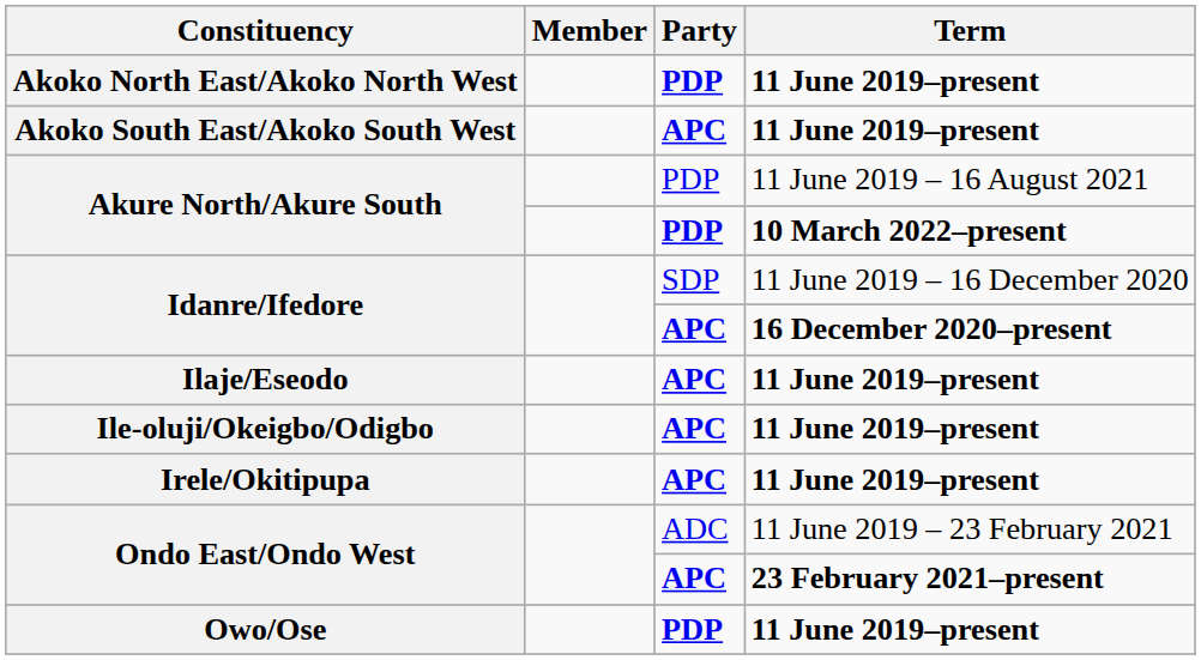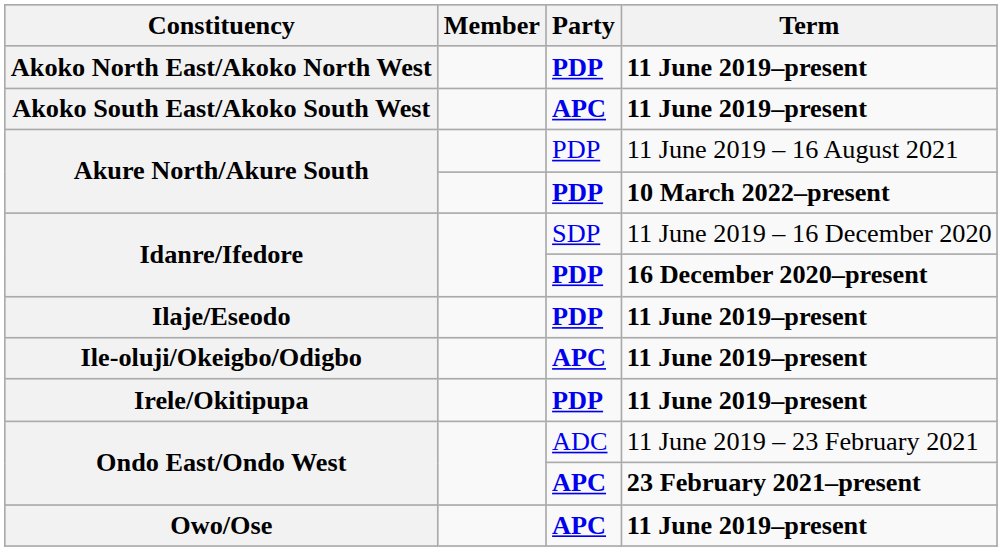 <table class="wikitable">
 <tr valign=bottom>
 <th>Constituency</th>
 <th>Member</th>
 <th>Party</th>
 <th>Term</th>
 </tr>
 <tr>
 <th>Akoko North East/Akoko North West</th>
 <td><strong></strong></td>
 <td><strong><a href='#'>PDP</a></strong></td>
 <td><strong>11 June 2019–present</strong></td>
 </tr>
 <tr>
 <th>Akoko South East/Akoko South West</th>
 <td><strong></strong></td>
 <td><strong><a href='#'>APC</a></strong></td>
 <td><strong>11 June 2019–present</strong></td>
 </tr>
 <tr>
 <th rowspan=2>Akure North/Akure South</th>
 <td style="opacity:.4;"></td>
 <td><a href='#'>PDP</a></td>
 <td>11 June 2019 – 16 August 2021</td>
 </tr>
 <tr>
 <td><strong></strong></td>
 <td><strong><a href='#'>PDP</a></strong></td>
 <td><strong>10 March 2022–present</strong></td>
 </tr>
 <tr>
 <th rowspan=2>Idanre/Ifedore</th>
 <td rowspan=2><strong></strong></td>
 <td><a href='#'>SDP</a></td>
 <td>11 June 2019 – 16 December 2020</td>
 </tr>
 <tr>
-<td><strong><a href='#'>APC</a></strong></td>
+<td><strong><a href='#'>PDP</a></strong></td>
 <td><strong>16 December 2020–present</strong></td>
 </tr>
 <tr>
 <th>Ilaje/Eseodo</th>
 <td><strong></strong></td>
-<td><strong><a href='#'>APC</a></strong></td>
+<td><strong><a href='#'>PDP</a></strong></td>
 <td><strong>11 June 2019–present</strong></td>
 </tr>
 <tr>
 <th>Ile-oluji/Okeigbo/Odigbo</th>
 <td><strong></strong></td>
 <td><strong><a href='#'>APC</a></strong></td>
 <td><strong>11 June 2019–present</strong></td>
 </tr>
 <tr>
 <th>Irele/Okitipupa</th>
 <td><strong></strong></td>
-<td><strong><a href='#'>APC</a></strong></td>
+<td><strong><a href='#'>PDP</a></strong></td>
 <td><strong>11 June 2019–present</strong></td>
 </tr>
 <tr>
 <th rowspan=2>Ondo East/Ondo West</th>
 <td rowspan=2><strong></strong></td>
 <td><a href='#'>ADC</a></td>
 <td>11 June 2019 – 23 February 2021</td>
 </tr>
 <tr>
 <td><strong><a href='#'>APC</a></strong></td>
 <td><strong>23 February 2021–present</strong></td>
 </tr>
 <tr>
 <th>Owo/Ose</th>
 <td><strong></strong></td>
-<td><strong><a href='#'>PDP</a></strong></td>
+<td><strong><a href='#'>APC</a></strong></td>
 <td><strong>11 June 2019–present</strong></td>
 </tr>
 </table>
